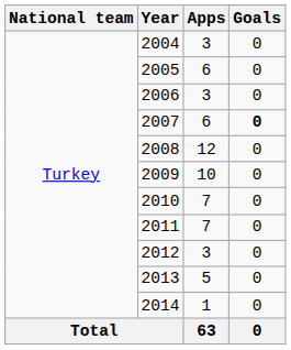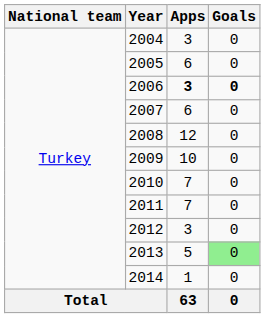 <table class="wikitable" style="text-align:center">
 <tr>
 <th>National team</th>
 <th>Year</th>
 <th>Apps</th>
 <th>Goals</th>
 </tr>
 <tr>
 <td rowspan="11"><a href='#'>Turkey</a></td>
 <td>2004</td>
 <td>3</td>
 <td>0</td>
 </tr>
 <tr>
 <td>2005</td>
 <td>6</td>
 <td>0</td>
 </tr>
 <tr>
 <td>2006</td>
-<td>3</td>
-<td>0</td>
+<td><strong>3</strong></td>
+<td><strong>0</strong></td>
 </tr>
 <tr>
 <td>2007</td>
 <td>6</td>
-<td><strong>0</strong></td>
+<td>0</td>
 </tr>
 <tr>
 <td>2008</td>
 <td>12</td>
 <td>0</td>
 </tr>
 <tr>
 <td>2009</td>
 <td>10</td>
 <td>0</td>
 </tr>
 <tr>
 <td>2010</td>
 <td>7</td>
 <td>0</td>
 </tr>
 <tr>
 <td>2011</td>
 <td>7</td>
 <td>0</td>
 </tr>
 <tr>
 <td>2012</td>
 <td>3</td>
 <td>0</td>
 </tr>
 <tr>
 <td>2013</td>
 <td>5</td>
-<td>0</td>
+<td style="background: lightgreen;">0</td>
 </tr>
 <tr>
 <td>2014</td>
 <td>1</td>
 <td>0</td>
 </tr>
 <tr>
 <th colspan="2">Total</th>
 <th>63</th>
 <th>0</th>
 </tr>
 </table>
